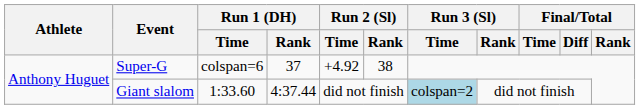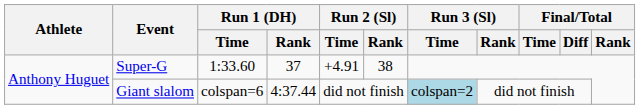 <table class="wikitable" style="font-size:90%">
 <tr>
 <th rowspan="2">Athlete</th>
 <th rowspan="2">Event</th>
 <th colspan="2">Run 1 (DH)</th>
 <th colspan="2">Run 2 (Sl)</th>
 <th colspan="2">Run 3 (Sl)</th>
 <th colspan="3">Final/Total</th>
 </tr>
 <tr>
 <th>Time</th>
 <th>Rank</th>
 <th>Time</th>
 <th>Rank</th>
 <th>Time</th>
 <th>Rank</th>
 <th>Time</th>
 <th>Diff</th>
 <th>Rank</th>
 </tr>
 <tr align="center">
 <td align="left" rowspan=2><a href='#'>Anthony Huguet</a></td>
 <td align="left"><a href='#'>Super-G</a></td>
-<td>colspan=6 </td>
+<td>1:33.60</td>
 <td>37</td>
-<td>+4.92</td>
+<td>+4.91</td>
 <td>38</td>
 </tr>
 <tr align="center">
 <td align="left"><a href='#'>Giant slalom</a></td>
-<td>1:33.60</td>
+<td>colspan=6 </td>
 <td>4:37.44</td>
 <td colspan=2>did not finish</td>
 <td style="background: lightblue;">colspan=2 </td>
 <td colspan=3>did not finish</td>
 </tr>
 </table>
